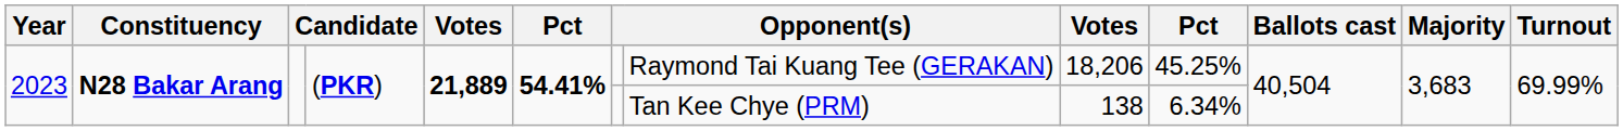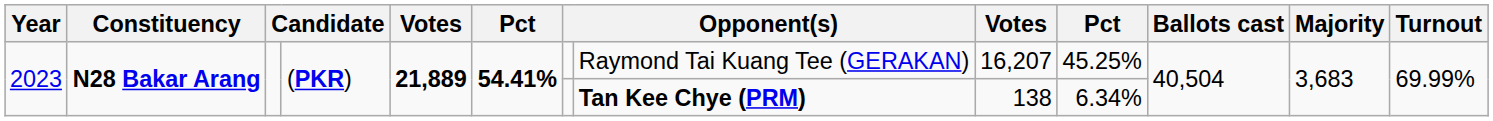 <table class="wikitable" style="margin:0.5em ; font-size:95%">
 <tr>
 <th>Year</th>
 <th>Constituency</th>
 <th colspan=2>Candidate</th>
 <th>Votes</th>
 <th>Pct</th>
 <th colspan=2>Opponent(s)</th>
 <th>Votes</th>
 <th>Pct</th>
 <th>Ballots cast</th>
 <th>Majority</th>
 <th>Turnout</th>
 </tr>
 <tr>
 <td rowspan=2><a href='#'>2023</a></td>
 <td rowspan=2><strong>N28 <a href='#'>Bakar Arang</a></strong></td>
 <td rowspan=2 ></td>
 <td rowspan=2> (<a href='#'><strong>PKR</strong></a>)</td>
 <td rowspan=2 align=right><strong>21,889</strong></td>
 <td rowspan=2><strong>54.41%</strong></td>
 <td bgcolor=></td>
 <td>Raymond Tai Kuang Tee (<a href='#'>GERAKAN</a>)</td>
-<td align=right>18,206</td>
+<td align=right>16,207</td>
 <td>45.25%</td>
 <td rowspan=2>40,504</td>
 <td rowspan=2>3,683</td>
 <td rowspan=2>69.99%</td>
 </tr>
 <tr>
 <td bgcolor=></td>
-<td>Tan Kee Chye (<a href='#'>PRM</a>)</td>
+<td><strong>Tan Kee Chye (<a href='#'>PRM</a>)</strong></td>
 <td align=right>138</td>
 <td align=right>6.34%</td>
 </tr>
 </table>
